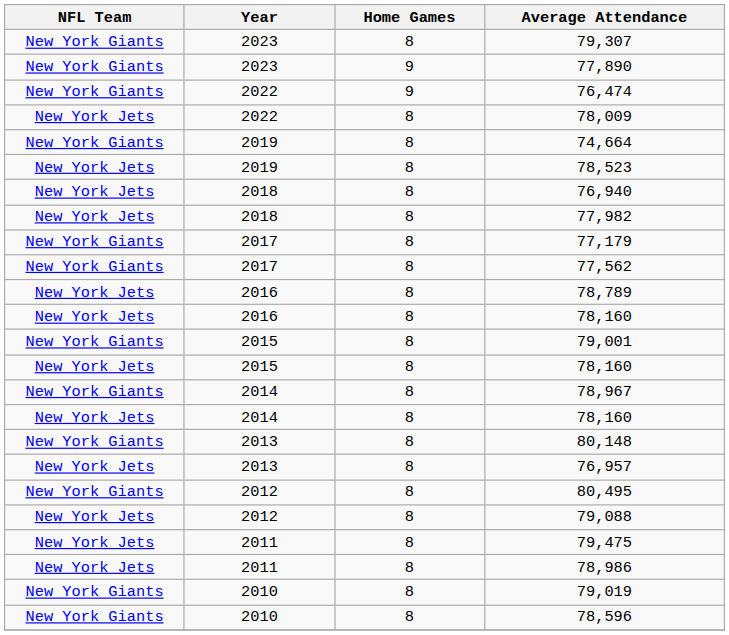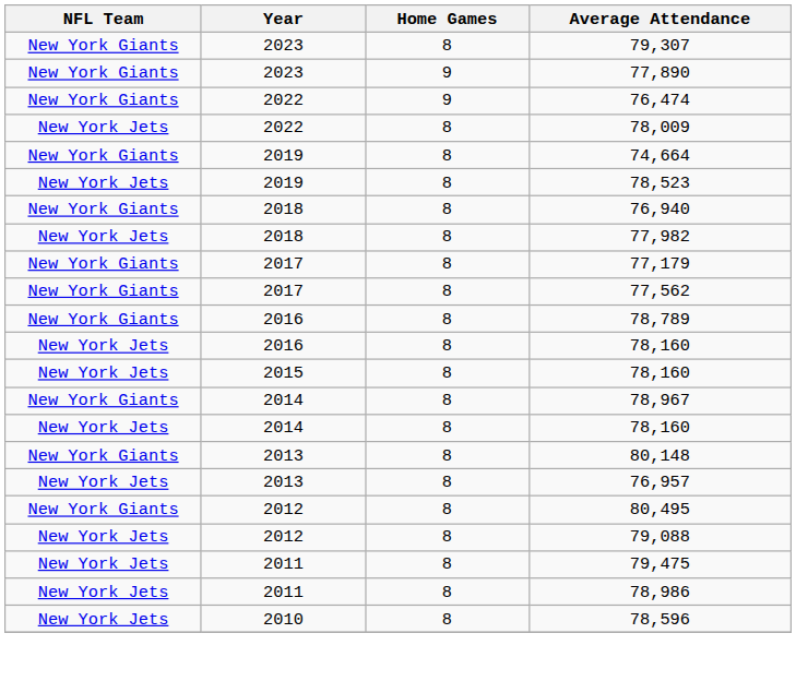 <table class="wikitable" style="text-align:center;">
 <tr>
 <th width=12% style="text-align:center;">NFL Team</th>
 <th width=10% style="text-align:center;">Year</th>
 <th width=10% style="text-align:center;">Home Games</th>
 <th width=16% style="text-align:center;">Average Attendance</th>
 </tr>
 <tr>
 <td><a href='#'>New York Giants</a></td>
 <td>2023</td>
 <td>8</td>
 <td>79,307</td>
 </tr>
 <tr>
 <td><a href='#'>New York Giants</a></td>
 <td>2023</td>
 <td>9</td>
 <td>77,890</td>
 </tr>
 <tr>
 <td><a href='#'>New York Giants</a></td>
 <td>2022</td>
 <td>9</td>
 <td>76,474</td>
 </tr>
 <tr>
 <td><a href='#'>New York Jets</a></td>
 <td>2022</td>
 <td>8</td>
 <td>78,009</td>
 </tr>
 <tr>
 <td><a href='#'>New York Giants</a></td>
 <td>2019</td>
 <td>8</td>
 <td>74,664</td>
 </tr>
 <tr>
 <td><a href='#'>New York Jets</a></td>
 <td>2019</td>
 <td>8</td>
 <td>78,523</td>
 </tr>
 <tr>
-<td><a href='#'>New York Jets</a></td>
+<td><a href='#'>New York Giants</a></td>
 <td>2018</td>
 <td>8</td>
 <td>76,940</td>
 </tr>
 <tr>
 <td><a href='#'>New York Jets</a></td>
 <td>2018</td>
 <td>8</td>
 <td>77,982</td>
 </tr>
 <tr>
 <td><a href='#'>New York Giants</a></td>
 <td>2017</td>
 <td>8</td>
 <td>77,179</td>
 </tr>
 <tr>
 <td><a href='#'>New York Giants</a></td>
 <td>2017</td>
 <td>8</td>
 <td>77,562</td>
 </tr>
 <tr>
-<td><a href='#'>New York Jets</a></td>
+<td><a href='#'>New York Giants</a></td>
 <td>2016</td>
 <td>8</td>
 <td>78,789</td>
 </tr>
 <tr>
 <td><a href='#'>New York Jets</a></td>
 <td>2016</td>
 <td>8</td>
 <td>78,160</td>
-</tr>
-<tr>
-<td><a href='#'>New York Giants</a></td>
-<td>2015</td>
-<td>8</td>
-<td>79,001</td>
 </tr>
 <tr>
 <td><a href='#'>New York Jets</a></td>
 <td>2015</td>
 <td>8</td>
 <td>78,160</td>
 </tr>
 <tr>
 <td><a href='#'>New York Giants</a></td>
 <td>2014</td>
 <td>8</td>
 <td>78,967</td>
 </tr>
 <tr>
 <td><a href='#'>New York Jets</a></td>
 <td>2014</td>
 <td>8</td>
 <td>78,160</td>
 </tr>
 <tr>
 <td><a href='#'>New York Giants</a></td>
 <td>2013</td>
 <td>8</td>
 <td>80,148</td>
 </tr>
 <tr>
 <td><a href='#'>New York Jets</a></td>
 <td>2013</td>
 <td>8</td>
 <td>76,957</td>
 </tr>
 <tr>
 <td><a href='#'>New York Giants</a></td>
 <td>2012</td>
 <td>8</td>
 <td>80,495</td>
 </tr>
 <tr>
 <td><a href='#'>New York Jets</a></td>
 <td>2012</td>
 <td>8</td>
 <td>79,088</td>
 </tr>
 <tr>
 <td><a href='#'>New York Jets</a></td>
 <td>2011</td>
 <td>8</td>
 <td>79,475</td>
 </tr>
 <tr>
 <td><a href='#'>New York Jets</a></td>
 <td>2011</td>
 <td>8</td>
 <td>78,986</td>
 </tr>
 <tr>
-<td><a href='#'>New York Giants</a></td>
-<td>2010</td>
-<td>8</td>
-<td>79,019</td>
-</tr>
-<tr>
-<td><a href='#'>New York Giants</a></td>
+<td><a href='#'>New York Jets</a></td>
 <td>2010</td>
 <td>8</td>
 <td>78,596</td>
 </tr>
 <tr>
 </tr>
 </table>
